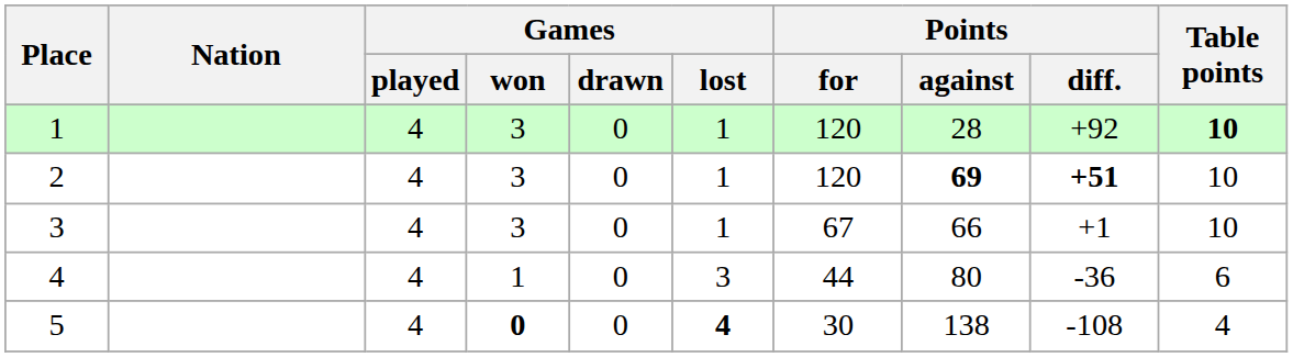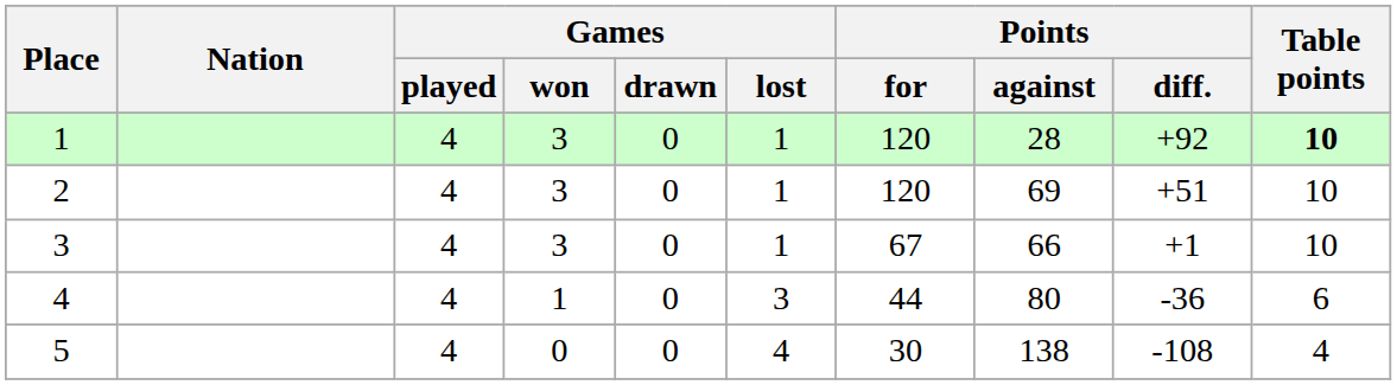 <table class="wikitable">
 <tr>
 <th rowspan=2 width="8%">Place</th>
 <th rowspan=2 width="20%">Nation</th>
 <th colspan=4 width="32%">Games</th>
 <th colspan=3 width="30%">Points</th>
 <th rowspan=2 width="10%">Table<br>points</th>
 </tr>
 <tr>
 <th width="8%">played</th>
 <th width="8%">won</th>
 <th width="8%">drawn</th>
 <th width="8%">lost</th>
 <th width="10%">for</th>
 <th width="10%">against</th>
 <th width="10%">diff.</th>
 </tr>
 <tr bgcolor=#ccffcc align=center>
 <td>1</td>
 <td align=left><strong></strong></td>
 <td>4</td>
 <td>3</td>
 <td>0</td>
 <td>1</td>
 <td>120</td>
 <td>28</td>
 <td>+92</td>
 <td><strong>10</strong></td>
 </tr>
 <tr bgcolor=#ffffff align=center>
 <td>2</td>
 <td align=left></td>
 <td>4</td>
 <td>3</td>
 <td>0</td>
 <td>1</td>
 <td>120</td>
-<td><strong>69</strong></td>
-<td><strong>+51</strong></td>
+<td>69</td>
+<td>+51</td>
 <td>10</td>
 </tr>
 <tr bgcolor=#ffffff align=center>
 <td>3</td>
 <td align=left></td>
 <td>4</td>
 <td>3</td>
 <td>0</td>
 <td>1</td>
 <td>67</td>
 <td>66</td>
 <td>+1</td>
 <td>10</td>
 </tr>
 <tr bgcolor=#ffffff align=center>
 <td>4</td>
 <td align=left></td>
 <td>4</td>
 <td>1</td>
 <td>0</td>
 <td>3</td>
 <td>44</td>
 <td>80</td>
 <td>-36</td>
 <td>6</td>
 </tr>
 <tr bgcolor=#ffffff align=center>
 <td>5</td>
 <td align=left></td>
 <td>4</td>
-<td><strong>0</strong></td>
 <td>0</td>
-<td><strong>4</strong></td>
+<td>0</td>
+<td>4</td>
 <td>30</td>
 <td>138</td>
 <td>-108</td>
 <td>4</td>
 </tr>
 </table>
